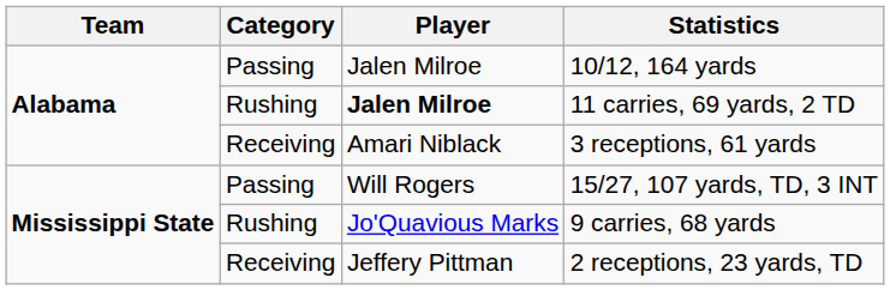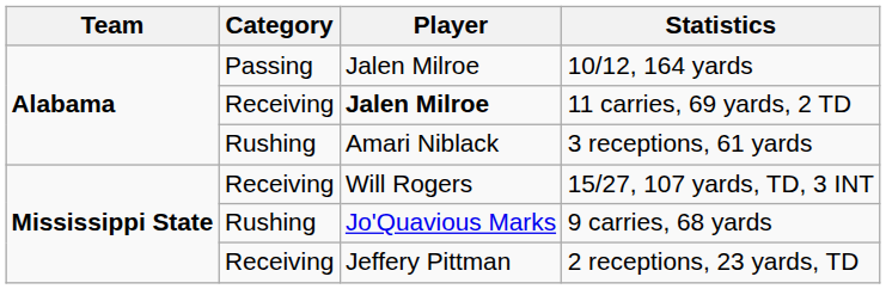 <table class="wikitable" style="float: right;">
 <tr>
 <th>Team</th>
 <th>Category</th>
 <th>Player</th>
 <th>Statistics</th>
 </tr>
 <tr>
 <td rowspan=3><strong>Alabama</strong></td>
 <td>Passing</td>
 <td>Jalen Milroe</td>
 <td>10/12, 164 yards</td>
 </tr>
 <tr>
-<td>Rushing</td>
+<td>Receiving</td>
 <td><strong>Jalen Milroe</strong></td>
 <td>11 carries, 69 yards, 2 TD</td>
 </tr>
 <tr>
-<td>Receiving</td>
+<td>Rushing</td>
 <td>Amari Niblack</td>
 <td>3 receptions, 61 yards</td>
 </tr>
 <tr>
 <td rowspan=3><strong>Mississippi State</strong></td>
-<td>Passing</td>
+<td>Receiving</td>
 <td>Will Rogers</td>
 <td>15/27, 107 yards, TD, 3 INT</td>
 </tr>
 <tr>
 <td>Rushing</td>
 <td><a href='#'>Jo'Quavious Marks</a></td>
 <td>9 carries, 68 yards</td>
 </tr>
 <tr>
 <td>Receiving</td>
 <td>Jeffery Pittman</td>
 <td>2 receptions, 23 yards, TD</td>
 </tr>
 </table>
